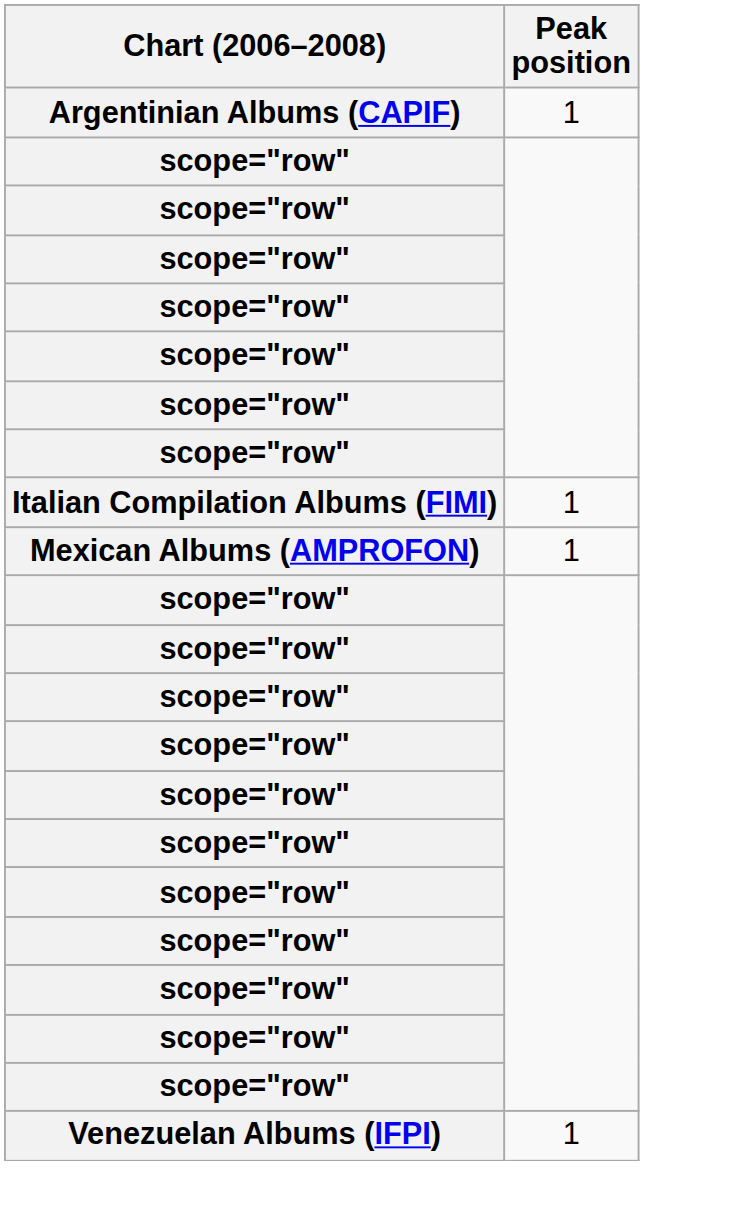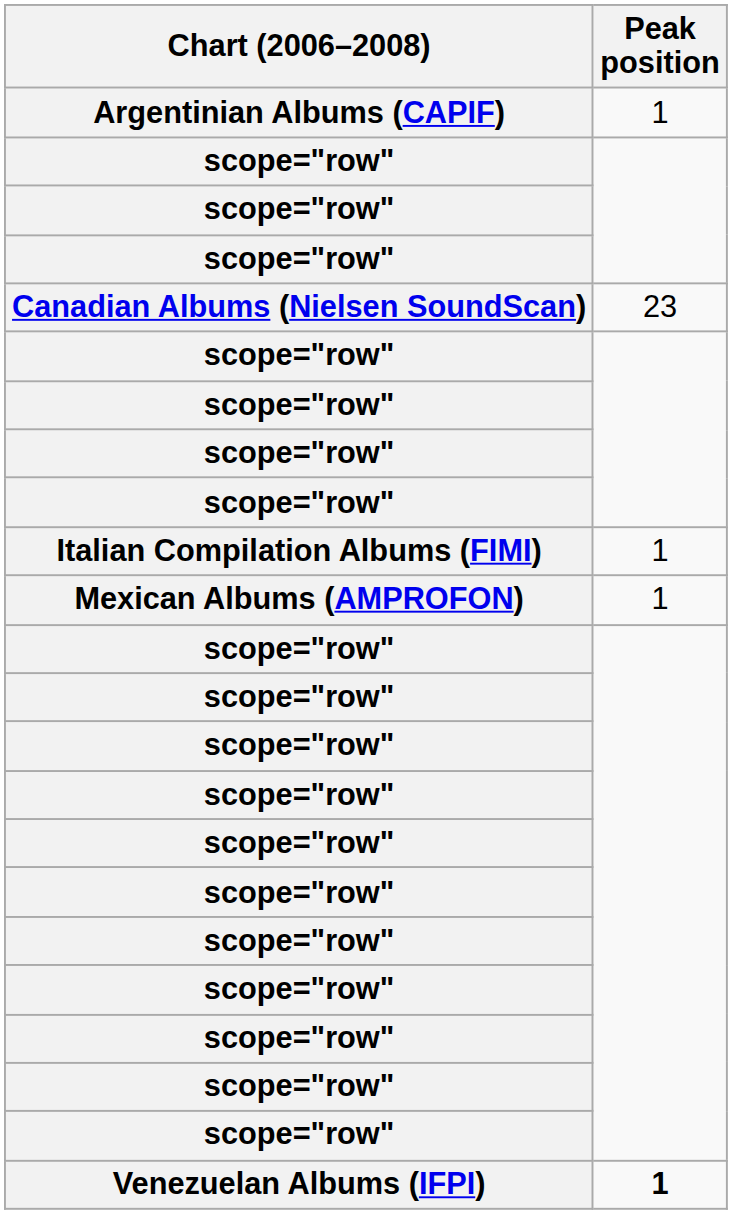 <table class="wikitable sortable plainrowheaders" style="text-align:center;">
 <tr>
 <th>Chart (2006–2008)</th>
 <th>Peak<br>position</th>
 </tr>
 <tr>
 <th scope="row">Argentinian Albums (<a href='#'>CAPIF</a>)</th>
 <td align="center">1</td>
 </tr>
 <tr>
 <th>scope="row" </th>
 </tr>
 <tr>
 <th>scope="row" </th>
 </tr>
 <tr>
 <th>scope="row" </th>
+</tr>
+<tr>
+<th scope="row"><a href='#'>Canadian Albums</a> (<a href='#'>Nielsen SoundScan</a>)</th>
+<td>23</td>
 </tr>
 <tr>
 <th>scope="row" </th>
 </tr>
 <tr>
 <th>scope="row" </th>
 </tr>
 <tr>
 <th>scope="row" </th>
 </tr>
 <tr>
 <th>scope="row" </th>
 </tr>
 <tr>
 <th scope="row">Italian Compilation Albums (<a href='#'>FIMI</a>)</th>
 <td align="center">1</td>
 </tr>
 <tr>
 <th scope="row">Mexican Albums (<a href='#'>AMPROFON</a>)</th>
 <td style="text-align:center;">1</td>
 </tr>
 <tr>
 <th>scope="row" </th>
 </tr>
 <tr>
 <th>scope="row" </th>
 </tr>
 <tr>
 <th>scope="row" </th>
 </tr>
 <tr>
 <th>scope="row" </th>
 </tr>
 <tr>
 <th>scope="row" </th>
 </tr>
 <tr>
 <th>scope="row" </th>
 </tr>
 <tr>
 <th>scope="row" </th>
 </tr>
 <tr>
 <th>scope="row" </th>
 </tr>
 <tr>
 <th>scope="row" </th>
 </tr>
 <tr>
 <th>scope="row" </th>
 </tr>
 <tr>
 <th>scope="row" </th>
 </tr>
 <tr>
 <th scope="row">Venezuelan Albums (<a href='#'>IFPI</a>)</th>
-<td align="center">1</td>
+<td align="center"><strong>1</strong></td>
 </tr>
 </table>
